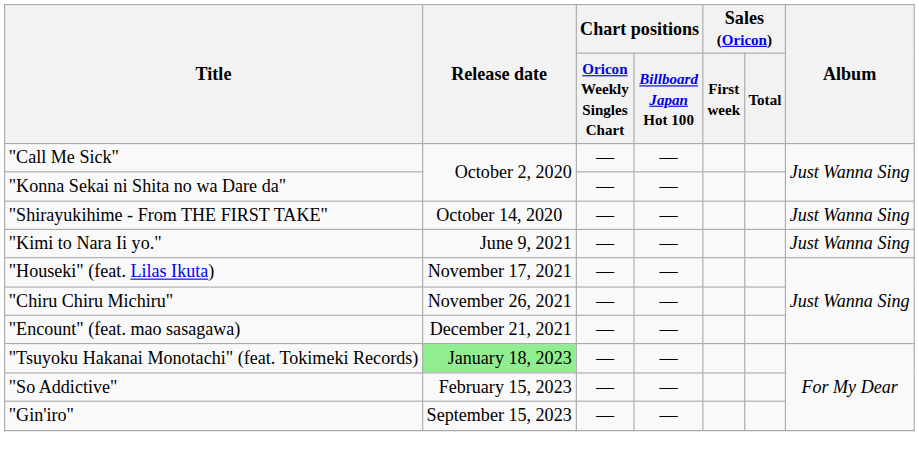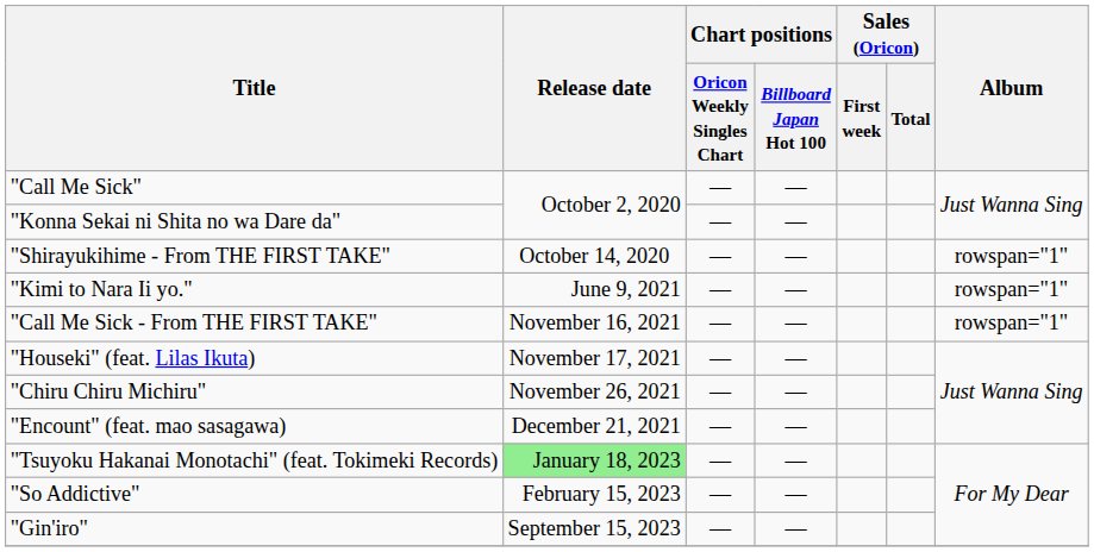 <table class="wikitable" style="text-align:center">
 <tr>
 <th rowspan="2">Title</th>
 <th rowspan="2">Release date</th>
 <th colspan="2">Chart positions</th>
 <th colspan="2">Sales<br><small>(<a href='#'>Oricon</a>)</small></th>
 <th rowspan="2">Album</th>
 </tr>
 <tr>
 <th><small><a href='#'>Oricon</a><br>Weekly<br>Singles<br>Chart</small></th>
 <th><small><em><a href='#'>Billboard<br>Japan</a></em><br>Hot 100</small></th>
 <th><small>First<br>week</small></th>
 <th><small>Total</small></th>
 </tr>
 <tr>
 <td align="left">"Call Me Sick"</td>
 <td rowspan="2" align="right">October 2, 2020</td>
 <td>—</td>
 <td>—</td>
 <td align="right"></td>
 <td align="right"></td>
 <td rowspan="2" style="white-space:nowrap"><em>Just Wanna Sing</em></td>
 </tr>
 <tr>
 <td align="left">"Konna Sekai ni Shita no wa Dare da" <br></td>
 <td>—</td>
 <td>—</td>
 <td align="right"></td>
 <td align="right"></td>
 </tr>
 <tr>
 <td align="left">"Shirayukihime - From THE FIRST TAKE" <br></td>
 <td>October 14, 2020</td>
 <td>—</td>
 <td>—</td>
 <td align="right"></td>
 <td align="right"></td>
-<td style="white-space:nowrap"><em>Just Wanna Sing</em></td>
+<td>rowspan="1" </td>
 </tr>
 <tr>
 <td align="left">"Kimi to Nara Ii yo." <br></td>
 <td align="right">June 9, 2021</td>
 <td>—</td>
 <td>—</td>
 <td align="right"></td>
 <td align="right"></td>
-<td style="white-space:nowrap"><em>Just Wanna Sing</em></td>
+<td>rowspan="1" </td>
+</tr>
+<tr>
+<td align="left">"Call Me Sick - From THE FIRST TAKE"</td>
+<td align="right">November 16, 2021</td>
+<td>—</td>
+<td>—</td>
+<td align="right"></td>
+<td align="right"></td>
+<td>rowspan="1" </td>
 </tr>
 <tr>
 <td align="left">"Houseki" (feat. <a href='#'>Lilas Ikuta</a>) <br></td>
 <td align="right">November 17, 2021</td>
 <td>—</td>
 <td>—</td>
 <td align="right"></td>
 <td align="right"></td>
 <td rowspan="3" style="white-space:nowrap"><em>Just Wanna Sing</em></td>
 </tr>
 <tr>
 <td align="left">"Chiru Chiru Michiru" <br></td>
 <td align="right">November 26, 2021</td>
 <td>—</td>
 <td>—</td>
 <td align="right"></td>
 <td align="right"></td>
 </tr>
 <tr>
 <td align="left">"Encount" (feat. mao sasagawa) <br></td>
 <td align="right">December 21, 2021</td>
 <td>—</td>
 <td>—</td>
 <td align="right"></td>
 <td align="right"></td>
 </tr>
 <tr>
 <td align="left">"Tsuyoku Hakanai Monotachi" (feat. Tokimeki Records) <br></td>
 <td align="right" style="background: lightgreen;">January 18, 2023</td>
 <td>—</td>
 <td>—</td>
 <td align="right"></td>
 <td align="right"></td>
 <td rowspan="3"><em>For My Dear</em></td>
 </tr>
 <tr>
 <td align="left">"So Addictive"</td>
 <td align="right">February 15, 2023</td>
 <td>—</td>
 <td>—</td>
 <td align="right"></td>
 <td align="right"></td>
 </tr>
 <tr>
 <td align="left">"Gin'iro" <br></td>
 <td align="right">September 15, 2023</td>
 <td>—</td>
 <td>—</td>
 <td align="right"></td>
 <td align="right"></td>
 </tr>
 <tr>
 </tr>
 </table>
